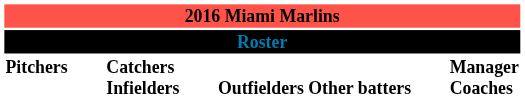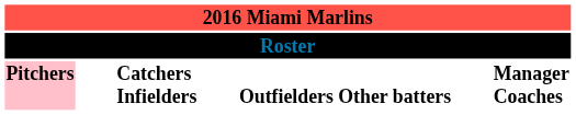 <table class="toccolours" style="font-size:95%;">
 <tr>
 <th colspan="10" style="background-color:#FF5349;color:black;">2016 Miami Marlins</th>
 </tr>
 <tr>
 <th colspan="10" style="background-color:black;color:#007BB2;">Roster</th>
 </tr>
 <tr>
-<td valign="top"><strong>Pitchers</strong><br>                              </td>
+<td valign="top" style="background: pink;"><strong>Pitchers</strong><br>                              </td>
 <td style="width:25px;"></td>
 <td valign="top"><strong>Catchers</strong><br>   <strong>Infielders</strong>           </td>
 <td style="width:25px;"></td>
 <td valign="top"><br><strong>Outfielders</strong>        <strong>Other batters</strong> </td>
 <td style="width:25px;"></td>
 <td valign="top"><strong>Manager</strong><br> <strong>Coaches</strong>                        </td>
 </tr>
 </table>
